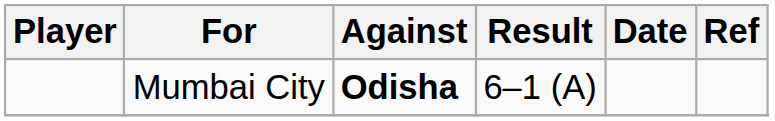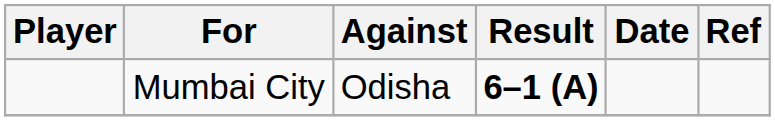 <table class="wikitable">
 <tr>
 <th>Player</th>
 <th>For</th>
 <th>Against</th>
 <th>Result</th>
 <th>Date</th>
 <th>Ref</th>
 </tr>
 <tr>
 <td> </td>
 <td>Mumbai City</td>
-<td><strong>Odisha</strong></td>
-<td align="center">6–1 (A)</td>
+<td>Odisha</td>
+<td align="center"><strong>6–1 (A)</strong></td>
 <td></td>
 <td></td>
 </tr>
 <tr>
 </tr>
 </table>
